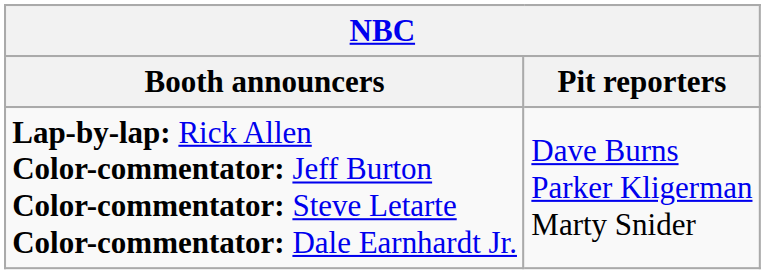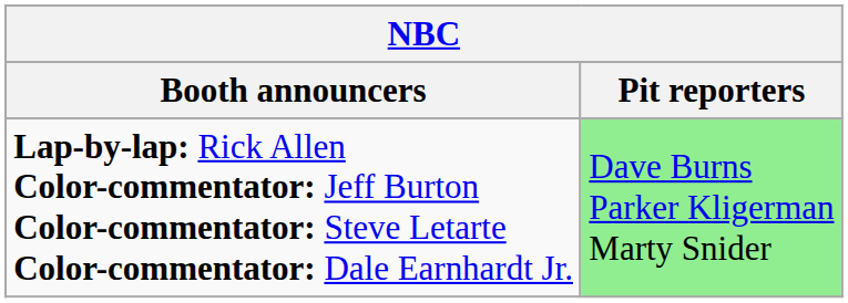 <table class="wikitable" style="font-size: 95%;">
 <tr>
 <th colspan="2"><a href='#'>NBC</a></th>
 </tr>
 <tr>
 <th>Booth announcers</th>
 <th>Pit reporters</th>
 </tr>
 <tr>
 <td><strong>Lap-by-lap:</strong> <a href='#'>Rick Allen</a><br><strong>Color-commentator:</strong> <a href='#'>Jeff Burton</a><br><strong>Color-commentator:</strong> <a href='#'>Steve Letarte</a><br><strong>Color-commentator:</strong> <a href='#'>Dale Earnhardt Jr.</a></td>
-<td><a href='#'>Dave Burns</a><br><a href='#'>Parker Kligerman</a><br>Marty Snider</td>
+<td style="background: lightgreen;"><a href='#'>Dave Burns</a><br><a href='#'>Parker Kligerman</a><br>Marty Snider</td>
 </tr>
 </table>
